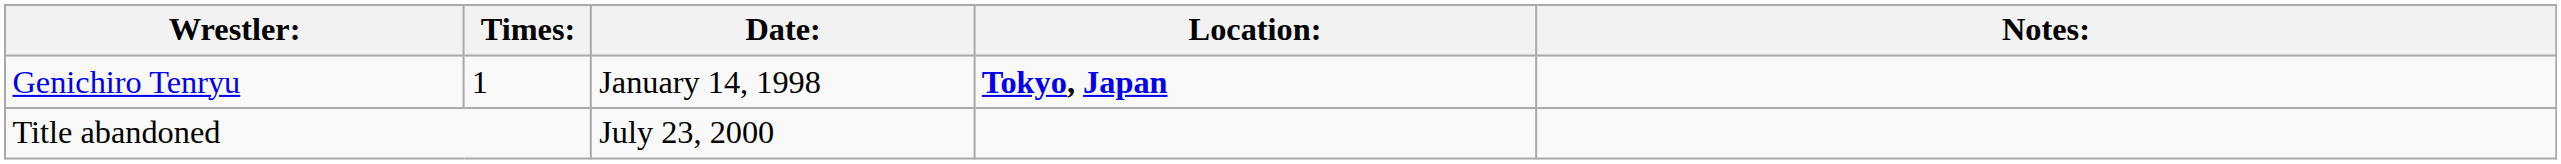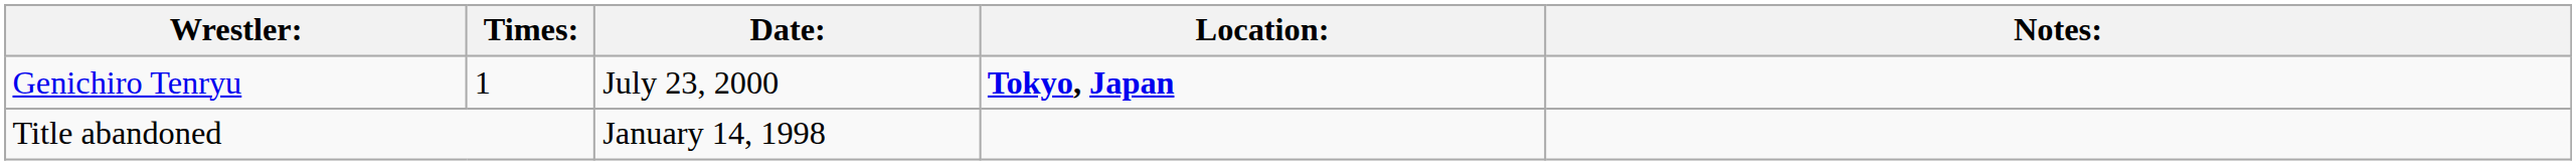 <table class="wikitable" width=100%>
 <tr>
 <th width=18%>Wrestler:</th>
 <th width=5%>Times:</th>
 <th width=15%>Date:</th>
 <th width=22%>Location:</th>
 <th width=40%>Notes:</th>
 </tr>
 <tr>
 <td><a href='#'>Genichiro Tenryu</a></td>
 <td>1</td>
-<td>January 14, 1998</td>
+<td>July 23, 2000</td>
 <td><strong><a href='#'>Tokyo</a>, <a href='#'>Japan</a></strong></td>
 <td></td>
 </tr>
 <tr>
 <td colspan=2>Title abandoned</td>
-<td>July 23, 2000</td>
+<td>January 14, 1998</td>
 <td></td>
 <td></td>
 </tr>
 </table>
